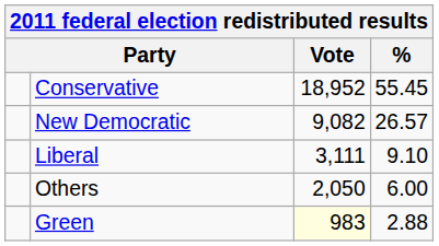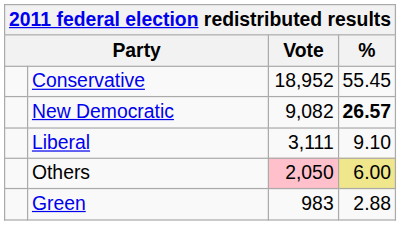 <table class="wikitable">
 <tr>
 <th colspan="4"><a href='#'>2011 federal election</a> redistributed results</th>
 </tr>
 <tr>
 <th bgcolor="#DDDDFF" width="130px" colspan="2">Party</th>
 <th bgcolor="#DDDDFF" width="50px">Vote</th>
 <th bgcolor="#DDDDFF" width="30px">%</th>
 </tr>
 <tr>
 <td> </td>
 <td><a href='#'>Conservative</a></td>
 <td align=right>18,952</td>
 <td align=right>55.45</td>
 </tr>
 <tr>
 <td> </td>
 <td><a href='#'>New Democratic</a></td>
 <td align=right>9,082</td>
-<td align=right>26.57</td>
+<td align=right><strong>26.57</strong></td>
 </tr>
 <tr>
 <td> </td>
 <td><a href='#'>Liberal</a></td>
 <td align=right>3,111</td>
 <td align=right>9.10</td>
 </tr>
 <tr>
 <td> </td>
 <td>Others</td>
-<td align=right>2,050</td>
-<td align=right>6.00</td>
+<td align=right style="background: pink;">2,050</td>
+<td align=right style="background: khaki;">6.00</td>
 </tr>
 <tr>
 <td> </td>
 <td><a href='#'>Green</a></td>
-<td align=right style="background: lightyellow;">983</td>
+<td align=right>983</td>
 <td align=right>2.88</td>
 </tr>
 </table>
